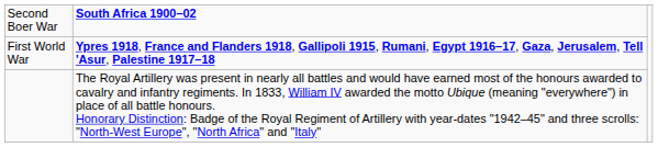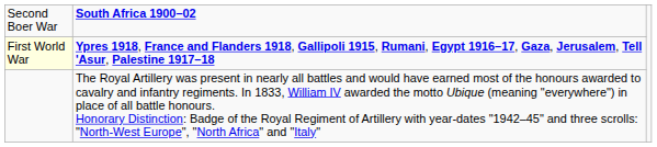 <table class="wikitable">
 <tr valign=top>
 <td>Second Boer War</td>
 <td><strong><a href='#'>South Africa 1900–02</a></strong></td>
 <td rowspan=3></td>
 </tr>
 <tr valign=top>
-<td>First World War</td>
+<td style="background: lightyellow;">First World War</td>
 <td><strong><a href='#'>Ypres 1918</a></strong>, <strong><a href='#'>France and Flanders 1918</a></strong>, <strong><a href='#'>Gallipoli 1915</a></strong>, <strong><a href='#'>Rumani</a></strong>, <strong><a href='#'>Egypt 1916–17</a></strong>, <strong><a href='#'>Gaza</a></strong>, <strong><a href='#'>Jerusalem</a></strong>, <strong><a href='#'>Tell 'Asur</a></strong>, <strong><a href='#'>Palestine 1917–18</a></strong></td>
 </tr>
 <tr valign=top>
 <td></td>
 <td>The Royal Artillery was present in nearly all battles and would have earned most of the honours awarded to cavalry and infantry regiments. In 1833, <a href='#'>William IV</a> awarded the motto <em>Ubique</em> (meaning "everywhere") in place of all battle honours.<br><a href='#'>Honorary Distinction</a>: Badge of the Royal Regiment of Artillery with year-dates "1942–45" and three scrolls: "<a href='#'>North-West Europe</a>", "<a href='#'>North Africa</a>" and "<a href='#'>Italy</a>"</td>
 </tr>
 </table>
